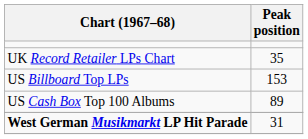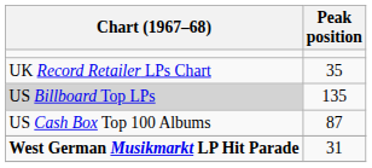 <table class="wikitable sortable">
 <tr>
 <th>Chart (1967–68)</th>
 <th>Peak <br>position</th>
 </tr>
 <tr>
 <td></td>
 </tr>
 <tr>
 <td align="left">UK <a href='#'><em>Record Retailer</em> LPs Chart</a></td>
 <td style="text-align:center;">35</td>
 </tr>
 <tr>
-<td align="left">US <a href='#'><em>Billboard</em> Top LPs</a></td>
-<td style="text-align:center;">153</td>
+<td align="left" style="background: lightgrey;">US <a href='#'><em>Billboard</em> Top LPs</a></td>
+<td style="text-align:center;">135</td>
 </tr>
 <tr>
 <td align="left">US <em><a href='#'>Cash Box</a></em> Top 100 Albums</td>
-<td style="text-align:center;">89</td>
+<td style="text-align:center;">87</td>
 </tr>
 <tr>
 </tr>
 <tr>
 <td align="left"><strong>West German <em><a href='#'>Musikmarkt</a></em> LP Hit Parade</strong></td>
 <td style="text-align:center;">31</td>
 </tr>
 <tr>
 </tr>
 </table>
